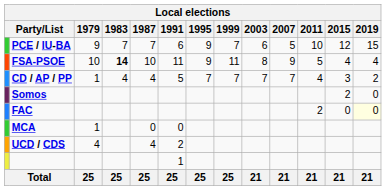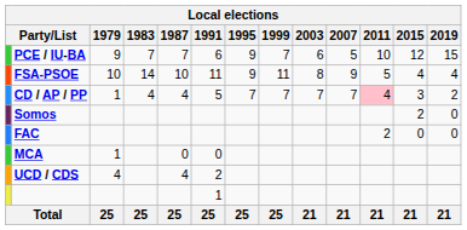 <table class="wikitable" style="text-align: right; margin:0 auto">
 <tr>
 <th colspan="13">Local elections</th>
 </tr>
 <tr>
 <th colspan="2">Party/List</th>
 <th>1979</th>
 <th>1983</th>
 <th>1987</th>
 <th>1991</th>
 <th>1995</th>
 <th>1999</th>
 <th>2003</th>
 <th>2007</th>
 <th>2011</th>
 <th>2015</th>
 <th>2019</th>
 </tr>
 <tr>
 <td bgcolor="#32CD32"></td>
 <td align="left"><strong><a href='#'>PCE</a> / <a href='#'>IU</a>-<a href='#'>BA</a></strong></td>
 <td>9</td>
 <td>7</td>
 <td>7</td>
 <td>6</td>
 <td>9</td>
 <td>7</td>
 <td>6</td>
 <td>5</td>
 <td>10</td>
 <td>12</td>
 <td>15</td>
 </tr>
 <tr>
 <td bgcolor="#FF4500"></td>
 <td align="left"><strong><a href='#'>FSA-PSOE</a></strong></td>
 <td>10</td>
-<td><strong>14</strong></td>
+<td>14</td>
 <td>10</td>
 <td>11</td>
 <td>9</td>
 <td>11</td>
 <td>8</td>
 <td>9</td>
 <td>5</td>
 <td>4</td>
 <td>4</td>
 </tr>
 <tr>
 <td bgcolor="#1E90FF"></td>
 <td align="left"><strong><a href='#'>CD</a> / <a href='#'>AP</a> / <a href='#'>PP</a></strong></td>
 <td>1</td>
 <td>4</td>
 <td>4</td>
 <td>5</td>
 <td>7</td>
 <td>7</td>
 <td>7</td>
 <td>7</td>
-<td>4</td>
+<td style="background: pink;">4</td>
 <td>3</td>
 <td>2</td>
 </tr>
 <tr>
 <td bgcolor="#69235F"></td>
 <td align="left"><strong><a href='#'>Somos</a></strong></td>
 <td></td>
 <td></td>
 <td></td>
 <td></td>
 <td></td>
 <td></td>
 <td></td>
 <td></td>
 <td></td>
 <td>2</td>
 <td>0</td>
 </tr>
 <tr>
 <td bgcolor="#1E80FF"></td>
 <td align="left"><strong><a href='#'>FAC</a></strong></td>
 <td></td>
 <td></td>
 <td></td>
 <td></td>
 <td></td>
 <td></td>
 <td></td>
 <td></td>
 <td>2</td>
 <td>0</td>
-<td style="background: lightyellow;">0</td>
+<td>0</td>
 </tr>
 <tr>
 <td bgcolor="#32CD32"></td>
 <td align="left"><strong><a href='#'>MCA</a></strong></td>
 <td>1</td>
 <td></td>
 <td>0</td>
 <td>0</td>
 <td></td>
 <td></td>
 <td></td>
 <td></td>
 <td></td>
 <td></td>
 <td></td>
 </tr>
 <tr>
 <td bgcolor="#FFA500"></td>
 <td align="left"><strong><a href='#'>UCD</a> / <a href='#'>CDS</a></strong></td>
 <td>4</td>
 <td></td>
 <td>4</td>
 <td>2</td>
 <td></td>
 <td></td>
 <td></td>
 <td></td>
 <td></td>
 <td></td>
 <td></td>
 </tr>
 <tr>
 <td bgcolor="#EEEE42"></td>
 <td align="left"><strong></strong></td>
 <td></td>
 <td></td>
 <td></td>
 <td>1</td>
 <td></td>
 <td></td>
 <td></td>
 <td></td>
 <td></td>
 <td></td>
 <td></td>
 </tr>
 <tr>
 <th colspan="2">Total</th>
 <th>25</th>
 <th>25</th>
 <th>25</th>
 <th>25</th>
 <th>25</th>
 <th>25</th>
 <th>21</th>
 <th>21</th>
 <th>21</th>
 <th>21</th>
 <th>21</th>
 </tr>
 </table>
